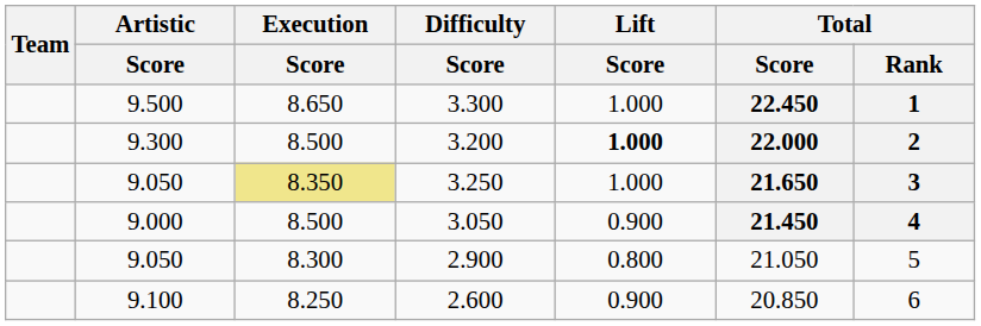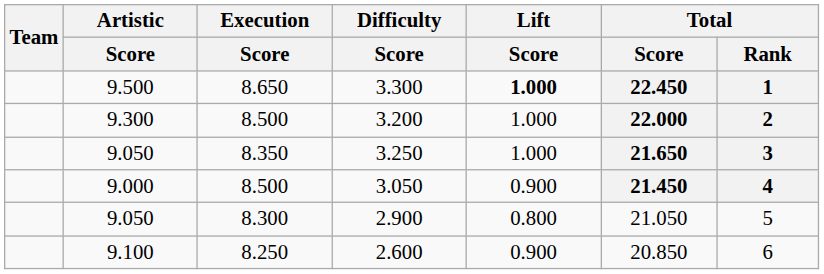 <table class="wikitable" style="text-align:center">
 <tr>
 <th rowspan=2>Team</th>
 <th style="width:6em">Artistic</th>
 <th style="width:6em">Execution</th>
 <th style="width:6em">Difficulty</th>
 <th style="width:6em">Lift</th>
 <th style="width:10em" colspan=2>Total</th>
 </tr>
 <tr>
 <th>Score</th>
 <th>Score</th>
 <th>Score</th>
 <th>Score</th>
 <th>Score</th>
 <th>Rank</th>
 </tr>
 <tr>
 <td align="left"></td>
 <td>9.500</td>
 <td>8.650</td>
 <td>3.300</td>
-<td>1.000</td>
+<td><strong>1.000</strong></td>
 <th>22.450</th>
 <th>1</th>
 </tr>
 <tr>
 <td align="left"></td>
 <td>9.300</td>
 <td>8.500</td>
 <td>3.200</td>
-<td><strong>1.000</strong></td>
+<td>1.000</td>
 <th>22.000</th>
 <th>2</th>
 </tr>
 <tr>
 <td align="left"></td>
 <td>9.050</td>
-<td style="background: khaki;">8.350</td>
+<td>8.350</td>
 <td>3.250</td>
 <td>1.000</td>
 <th>21.650</th>
 <th>3</th>
 </tr>
 <tr>
 <td align="left"></td>
 <td>9.000</td>
 <td>8.500</td>
 <td>3.050</td>
 <td>0.900</td>
 <th>21.450</th>
 <th>4</th>
 </tr>
 <tr>
 <td align="left"></td>
 <td>9.050</td>
 <td>8.300</td>
 <td>2.900</td>
 <td>0.800</td>
 <td>21.050</td>
 <td>5</td>
 </tr>
 <tr>
 <td align="left"></td>
 <td>9.100</td>
 <td>8.250</td>
 <td>2.600</td>
 <td>0.900</td>
 <td>20.850</td>
 <td>6</td>
 </tr>
 </table>
